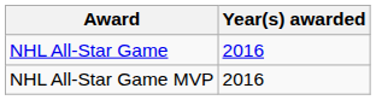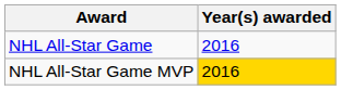 <table class="wikitable">
 <tr>
 <th>Award</th>
 <th>Year(s) awarded</th>
 </tr>
 <tr>
 <td><a href='#'>NHL All-Star Game</a></td>
 <td><a href='#'>2016</a></td>
 </tr>
 <tr>
 <td>NHL All-Star Game MVP</td>
-<td>2016</td>
+<td style="background: gold;">2016</td>
 </tr>
 </table>
